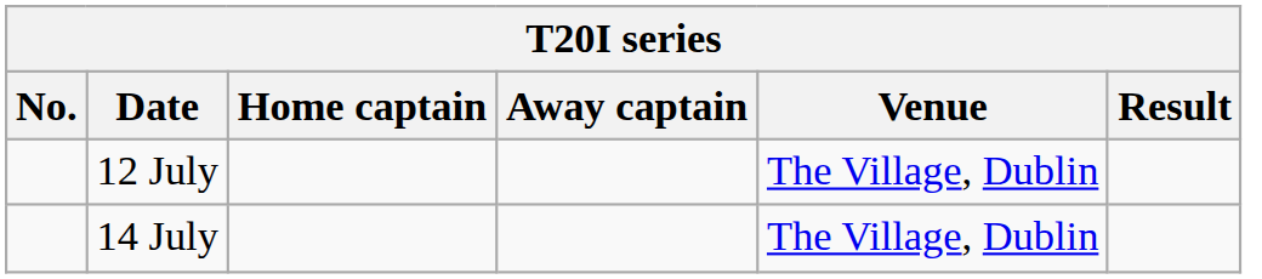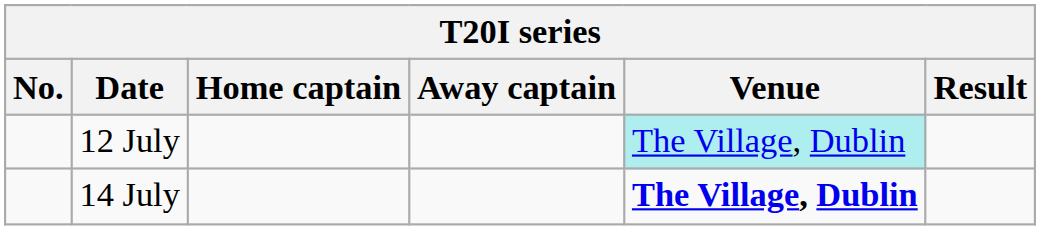 <table class="wikitable">
 <tr>
 <th colspan="9">T20I series</th>
 </tr>
 <tr>
 <th>No.</th>
 <th>Date</th>
 <th>Home captain</th>
 <th>Away captain</th>
 <th>Venue</th>
 <th>Result</th>
 </tr>
 <tr>
 <td></td>
 <td>12 July</td>
 <td></td>
 <td></td>
-<td><a href='#'>The Village</a>, <a href='#'>Dublin</a></td>
+<td style="background: paleturquoise;"><a href='#'>The Village</a>, <a href='#'>Dublin</a></td>
 <td></td>
 </tr>
 <tr>
 <td></td>
 <td>14 July</td>
 <td></td>
 <td></td>
-<td><a href='#'>The Village</a>, <a href='#'>Dublin</a></td>
+<td><strong><a href='#'>The Village</a>, <a href='#'>Dublin</a></strong></td>
 <td></td>
 </tr>
 </table>
